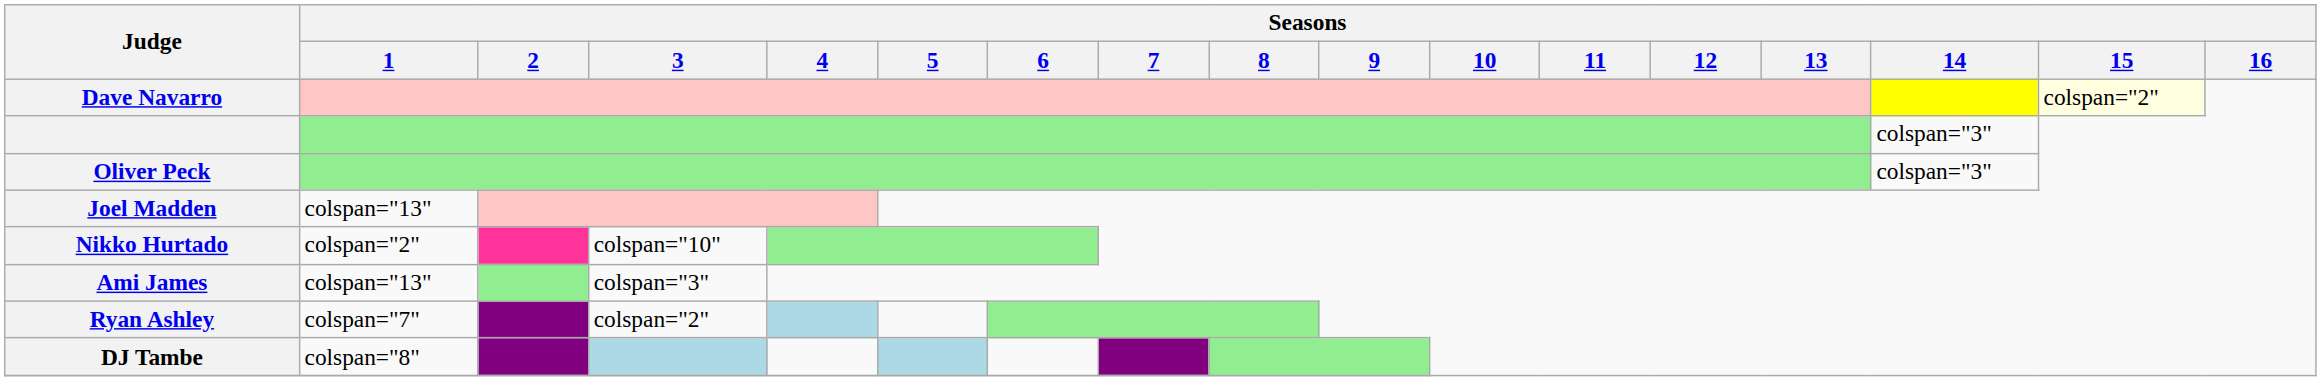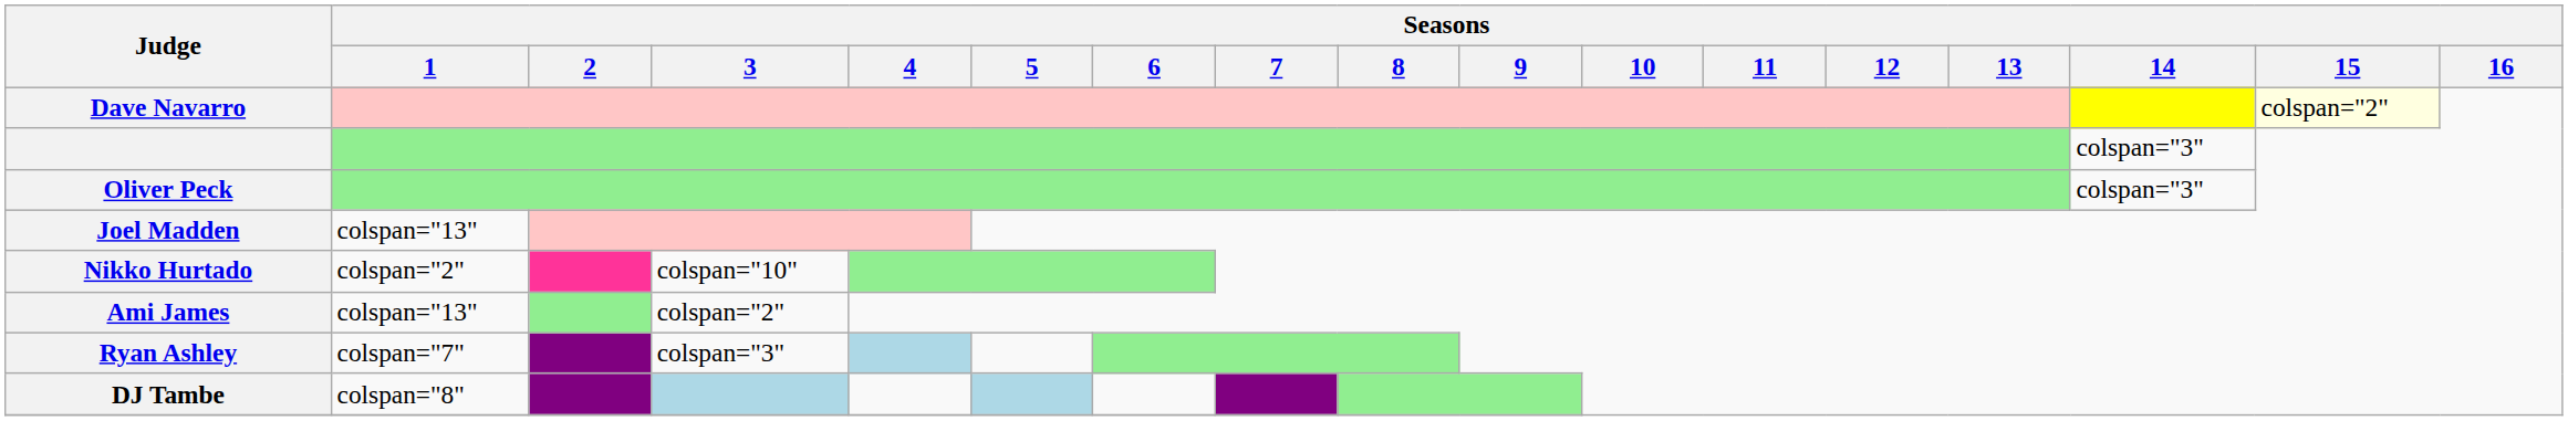 <table class="wikitable plainrowheaders collapsible mw-collapsible nowrap" style="width:100%">
 <tr>
 <th rowspan="2" style="width:08%">Judge</th>
 <th colspan="16">Seasons</th>
 </tr>
 <tr>
 <th style="width:3%"><a href='#'>1</a></th>
 <th style="width:3%"><a href='#'>2</a></th>
 <th style="width:3%"><a href='#'>3</a></th>
 <th style="width:3%"><a href='#'>4</a></th>
 <th style="width:3%"><a href='#'>5</a></th>
 <th style="width:3%"><a href='#'>6</a></th>
 <th style="width:3%"><a href='#'>7</a></th>
 <th style="width:3%"><a href='#'>8</a></th>
 <th style="width:3%"><a href='#'>9</a></th>
 <th style="width:3%"><a href='#'>10</a></th>
 <th style="width:3%"><a href='#'>11</a></th>
 <th style="width:3%"><a href='#'>12</a></th>
 <th style="width:3%"><a href='#'>13</a></th>
 <th style="width:3%"><a href='#'>14</a></th>
 <th style="width:3%"><a href='#'>15</a></th>
 <th style="width:3%"><a href='#'>16</a></th>
 </tr>
 <tr>
 <th scope="row" style="text-align:center"><a href='#'>Dave Navarro</a></th>
 <td colspan="13" bgcolor="ffc6c6"></td>
 <td bgcolor="yellow"></td>
 <td style="background: lightyellow;">colspan="2" </td>
 </tr>
 <tr>
 <th scope="row" style="text-align:center"></th>
 <td colspan="13" bgcolor="lightgreen"></td>
 <td>colspan="3" </td>
 </tr>
 <tr>
 <th scope="row" style="text-align:center"><a href='#'>Oliver Peck</a></th>
 <td colspan="13" bgcolor="lightgreen"></td>
 <td>colspan="3" </td>
 </tr>
 <tr>
 <th scope="row" style="text-align:center"><a href='#'>Joel Madden</a></th>
 <td>colspan="13" </td>
 <td colspan="3" bgcolor="#ffc6c6"></td>
 </tr>
 <tr>
 <th scope="row" style="text-align:center"><a href='#'>Nikko Hurtado</a></th>
 <td>colspan="2" </td>
 <td bgcolor="#FF3399"></td>
 <td>colspan="10" </td>
 <td colspan="3" bgcolor="lightgreen"></td>
 </tr>
 <tr>
 <th scope="row" style="text-align:center"><a href='#'>Ami James</a></th>
 <td>colspan="13" </td>
 <td bgcolor="lightgreen"></td>
-<td>colspan="3" </td>
+<td>colspan="2" </td>
 </tr>
 <tr>
 <th scope="row" style="text-align:center"><a href='#'>Ryan Ashley</a></th>
 <td>colspan="7" </td>
 <td bgcolor="purple"></td>
-<td>colspan="2" </td>
+<td>colspan="3" </td>
 <td bgcolor="lightblue"></td>
 <td></td>
 <td colspan="3" bgcolor="lightgreen"></td>
 </tr>
 <tr>
 <th scope="row" style="text-align:center">DJ Tambe</th>
 <td>colspan="8" </td>
 <td bgcolor="purple"></td>
 <td bgcolor="lightblue"></td>
 <td></td>
 <td bgcolor="lightblue"></td>
 <td></td>
 <td bgcolor="purple"></td>
 <td colspan="2" bgcolor="lightgreen"></td>
 </tr>
 <tr>
 </tr>
 </table>
